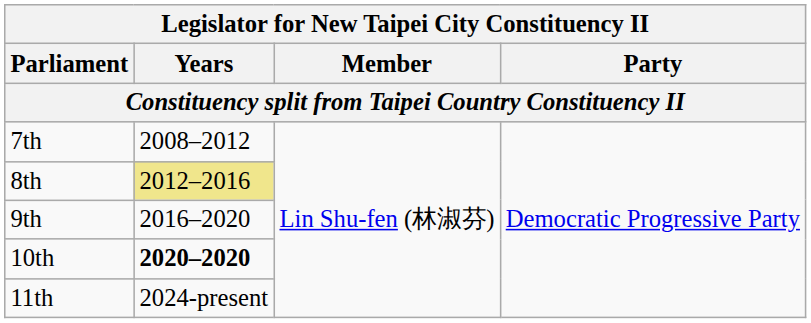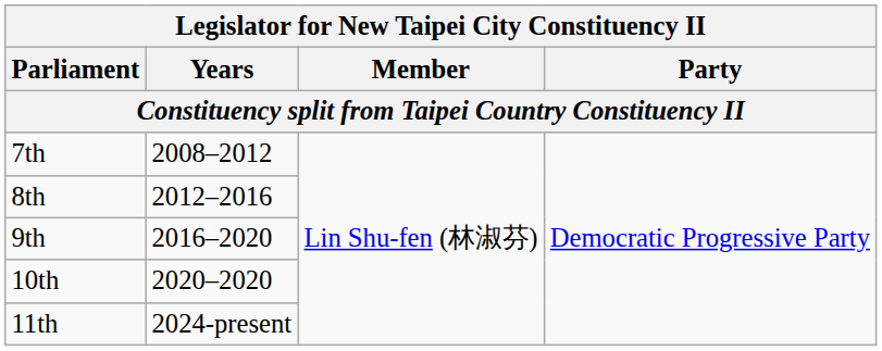 <table class=wikitable>
 <tr>
 <th colspan="4">Legislator for New Taipei City Constituency II</th>
 </tr>
 <tr>
 <th>Parliament</th>
 <th>Years</th>
 <th>Member</th>
 <th>Party</th>
 </tr>
 <tr>
 <th colspan=4 align=center><em>Constituency split from Taipei Country Constituency II </em></th>
 </tr>
 <tr>
 <td>7th</td>
 <td>2008–2012</td>
 <td rowspan=5><a href='#'>Lin Shu-fen</a> (林淑芬)</td>
 <td rowspan=5> <a href='#'>Democratic Progressive Party</a></td>
 </tr>
 <tr>
 <td>8th</td>
-<td style="background: khaki;">2012–2016</td>
+<td>2012–2016</td>
 </tr>
 <tr>
 <td>9th</td>
 <td>2016–2020</td>
 </tr>
 <tr>
 <td>10th</td>
-<td><strong>2020–2020</strong></td>
+<td>2020–2020</td>
 </tr>
 <tr>
 <td>11th</td>
 <td>2024-present</td>
 </tr>
 </table>
